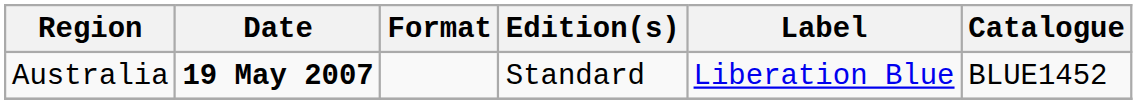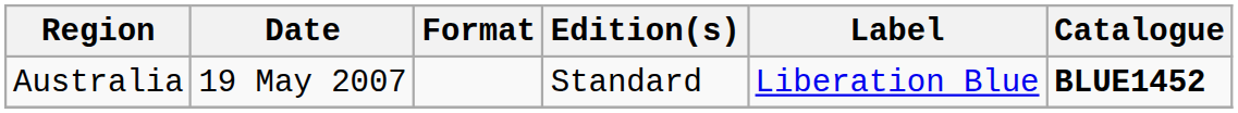 <table class="wikitable plainrowheaders">
 <tr>
 <th scope="col">Region</th>
 <th scope="col">Date</th>
 <th scope="col">Format</th>
 <th scope="col">Edition(s)</th>
 <th scope="col">Label</th>
 <th scope="col">Catalogue</th>
 </tr>
 <tr>
 <td>Australia</td>
-<td><strong>19 May 2007</strong></td>
+<td>19 May 2007</td>
 <td></td>
 <td>Standard</td>
 <td><a href='#'>Liberation Blue</a></td>
-<td>BLUE1452</td>
+<td><strong>BLUE1452</strong></td>
 </tr>
 <tr>
 </tr>
 </table>
